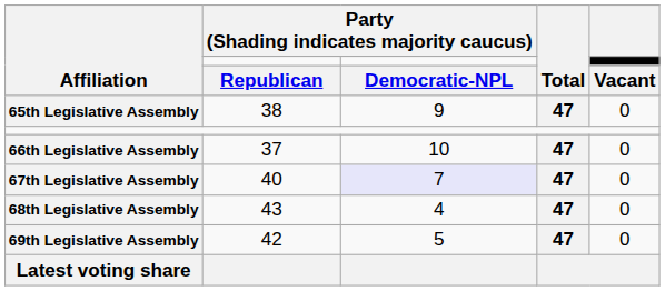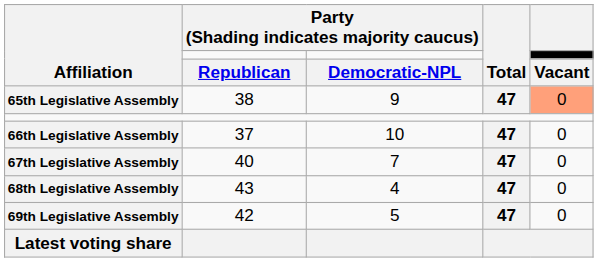 <table class=wikitable style="text-align:center">
 <tr style="vertical-align:bottom;">
 <th rowspan=3>Affiliation</th>
 <th colspan=2>Party <div>(Shading indicates majority caucus)</div></th>
 <th rowspan=3>Total</th>
 <th></th>
 </tr>
 <tr style="height:5px">
 <td style="background-color:"></td>
 <td style="background-color:"></td>
 <td style="background: black"></td>
 </tr>
 <tr>
 <th><a href='#'>Republican</a></th>
 <th><a href='#'>Democratic-NPL</a></th>
 <th>Vacant</th>
 </tr>
 <tr>
 <th style="font-size:80%" nowrap="nowrap">65th Legislative Assembly</th>
 <td>38</td>
 <td>9</td>
 <th>47</th>
-<td>0</td>
+<td style="background: lightsalmon;">0</td>
 </tr>
 <tr>
 <td colspan=5></td>
 </tr>
 <tr>
 <th style="font-size:80%" nowrap="nowrap">66th Legislative Assembly</th>
 <td>37</td>
 <td>10</td>
 <th>47</th>
 <td>0</td>
 </tr>
 <tr>
 <th style="font-size:80%" nowrap="nowrap">67th Legislative Assembly</th>
 <td>40</td>
-<td style="background: lavender;">7</td>
+<td>7</td>
 <th>47</th>
 <td>0</td>
 </tr>
 <tr>
 <th style="font-size:80%" nowrap="nowrap">68th Legislative Assembly</th>
 <td>43</td>
 <td>4</td>
 <th>47</th>
 <td>0</td>
 </tr>
 <tr>
 <th style="font-size:80%" nowrap="nowrap">69th Legislative Assembly</th>
 <td>42</td>
 <td>5</td>
 <th>47</th>
 <td>0</td>
 </tr>
 <tr>
 <th>Latest voting share</th>
 <th></th>
 <th></th>
 <th colspan=2></th>
 </tr>
 </table>
